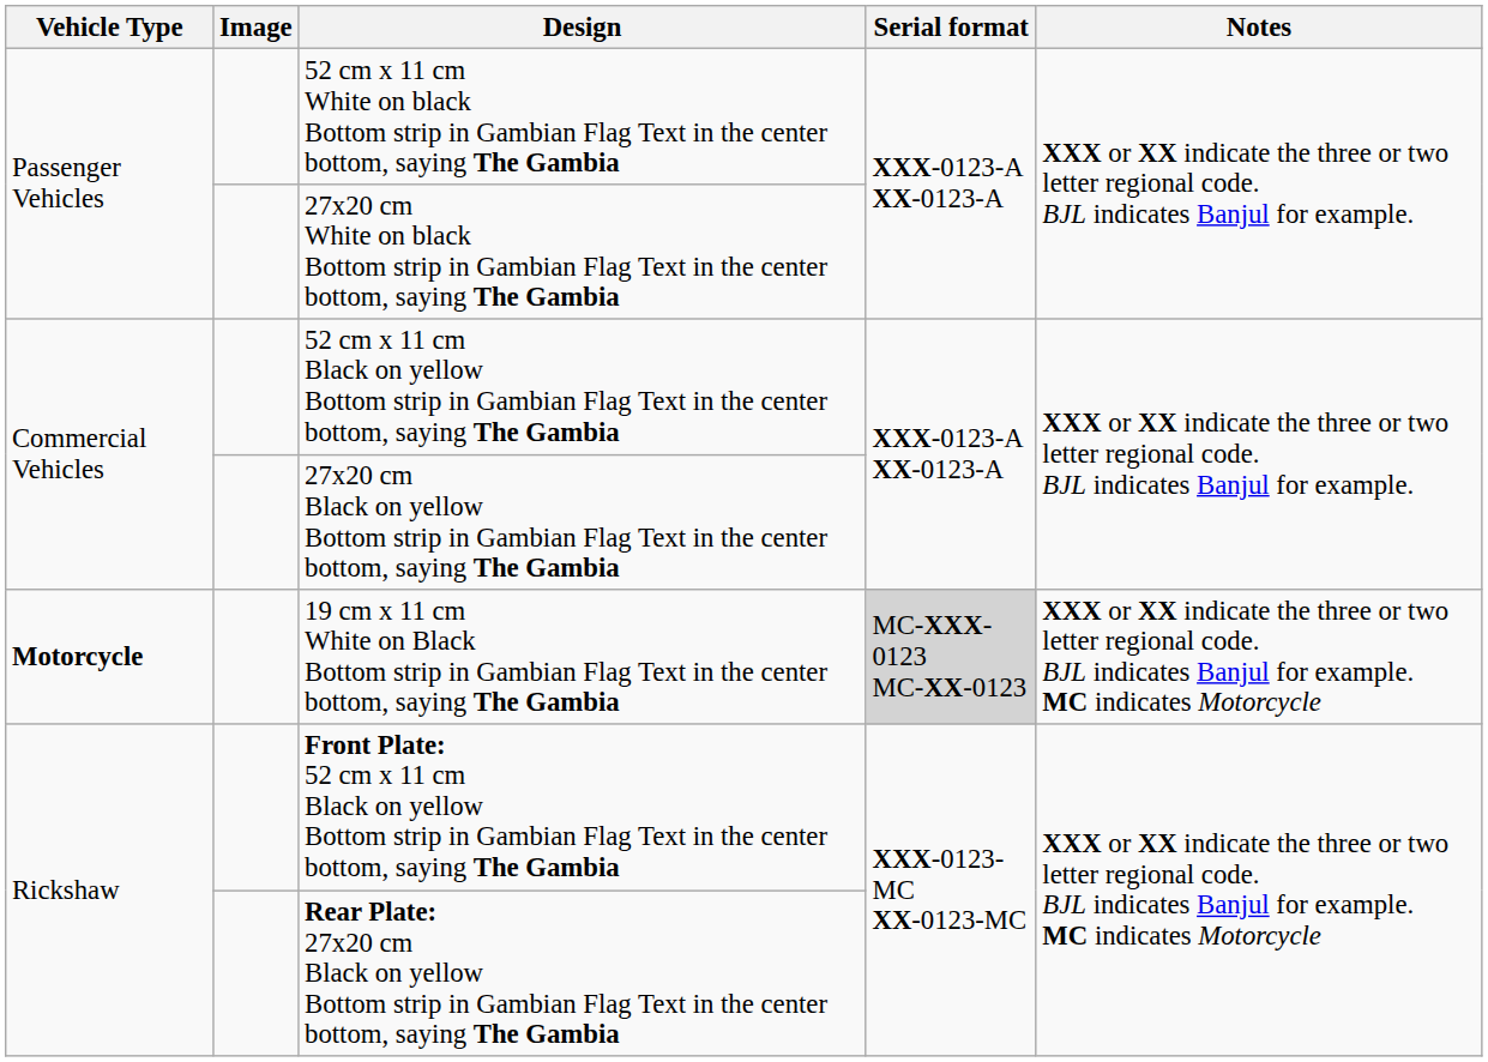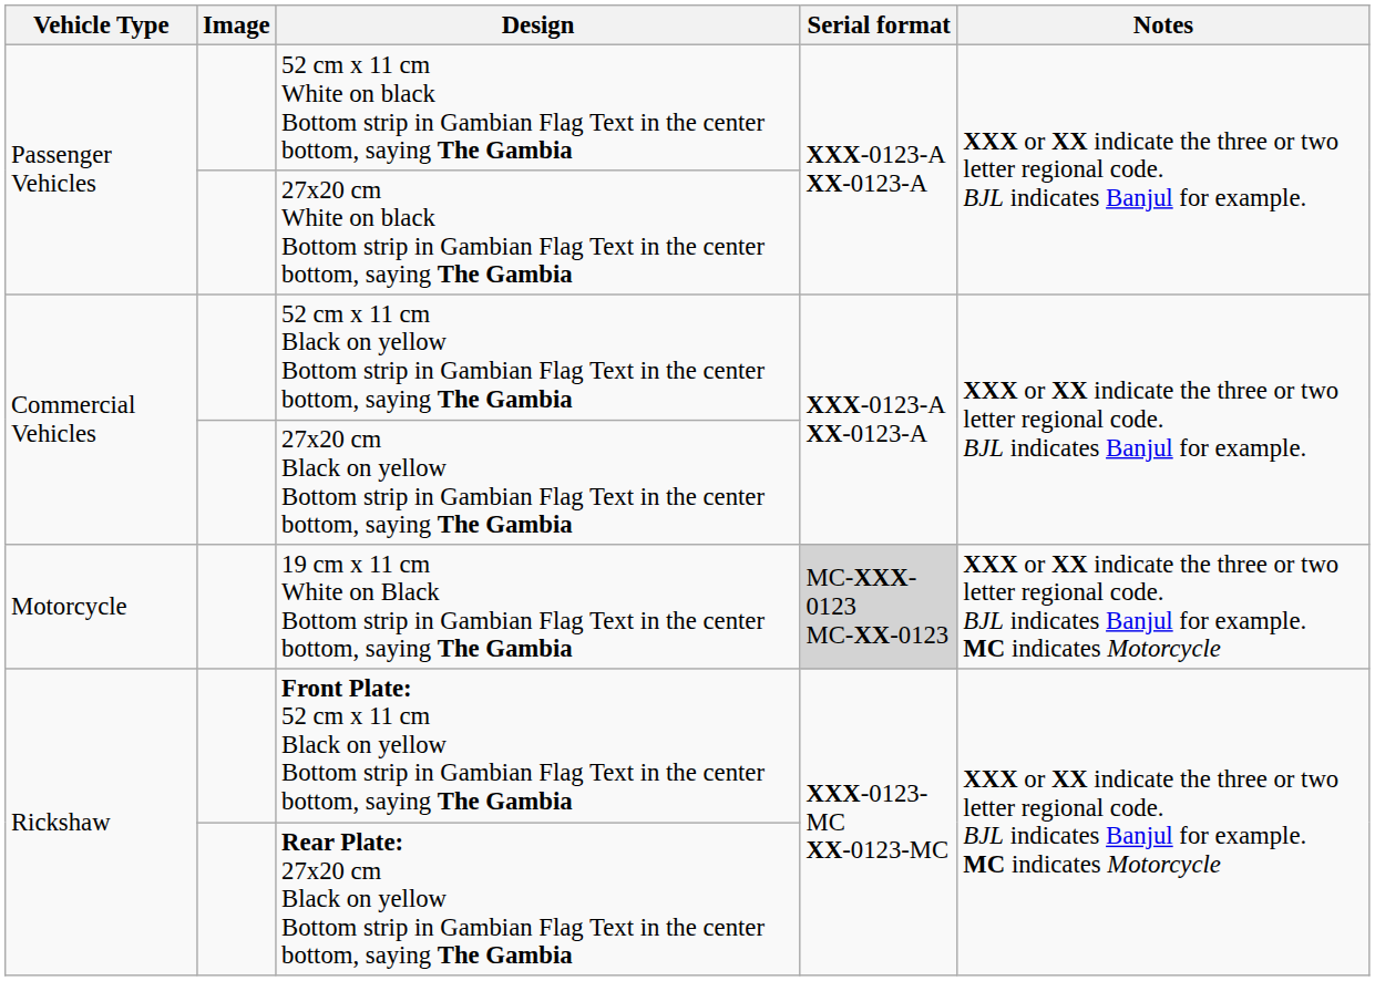 <table class="wikitable">
 <tr>
 <th>Vehicle Type</th>
 <th>Image</th>
 <th>Design</th>
 <th>Serial format</th>
 <th>Notes</th>
 </tr>
 <tr>
 <td rowspan="2">Passenger Vehicles</td>
 <td><br></td>
 <td>52 cm x 11 cm<br>White on black<br>Bottom strip in Gambian Flag Text in the center bottom, saying <strong>The Gambia</strong></td>
 <td rowspan="2"><strong>XXX</strong>-0123-A<br><strong>XX</strong>-0123-A</td>
 <td rowspan="2"><strong>XXX</strong> or <strong>XX</strong> indicate the three or two letter regional code.<br><em>BJL</em> indicates <a href='#'>Banjul</a> for example.</td>
 </tr>
 <tr>
 <td><br></td>
 <td>27x20 cm<br>White on black<br>Bottom strip in Gambian Flag Text in the center bottom, saying <strong>The Gambia</strong></td>
 </tr>
 <tr>
 <td rowspan="2">Commercial Vehicles</td>
 <td><br></td>
 <td>52 cm x 11 cm<br>Black on yellow<br>Bottom strip in Gambian Flag Text in the center bottom, saying <strong>The Gambia</strong></td>
 <td rowspan="2"><strong>XXX</strong>-0123-A<br><strong>XX</strong>-0123-A</td>
 <td rowspan="2"><strong>XXX</strong> or <strong>XX</strong> indicate the three or two letter regional code.<br><em>BJL</em> indicates <a href='#'>Banjul</a> for example.</td>
 </tr>
 <tr>
 <td><br></td>
 <td>27x20 cm<br>Black on yellow<br>Bottom strip in Gambian Flag Text in the center bottom, saying <strong>The Gambia</strong></td>
 </tr>
 <tr>
-<td><strong>Motorcycle</strong></td>
+<td>Motorcycle</td>
 <td><br></td>
 <td>19 cm x 11 cm<br>White on Black<br>Bottom strip in Gambian Flag Text in the center bottom, saying <strong>The Gambia</strong></td>
 <td style="background: lightgrey;">MC-<strong>XXX</strong>-0123<br>MC-<strong>XX</strong>-0123</td>
 <td><strong>XXX</strong> or <strong>XX</strong> indicate the three or two letter regional code.<br><em>BJL</em> indicates <a href='#'>Banjul</a> for example.<br><strong>MC</strong> indicates <em>Motorcycle</em></td>
 </tr>
 <tr>
 <td rowspan="2">Rickshaw</td>
 <td><br></td>
 <td><strong>Front Plate:</strong><br>52 cm x 11 cm<br>Black on yellow<br>Bottom strip in Gambian Flag Text in the center bottom, saying <strong>The Gambia</strong></td>
 <td rowspan="4"><strong>XXX</strong>-0123-MC<br><strong>XX</strong>-0123-MC</td>
 <td rowspan="4"><strong>XXX</strong> or <strong>XX</strong> indicate the three or two letter regional code.<br><em>BJL</em> indicates <a href='#'>Banjul</a> for example.<br><strong>MC</strong> indicates <em>Motorcycle</em></td>
 </tr>
 <tr>
 <td><br></td>
 <td><strong>Rear Plate:</strong><br>27x20 cm<br>Black on yellow<br>Bottom strip in Gambian Flag Text in the center bottom, saying <strong>The Gambia</strong></td>
 </tr>
 </table>
